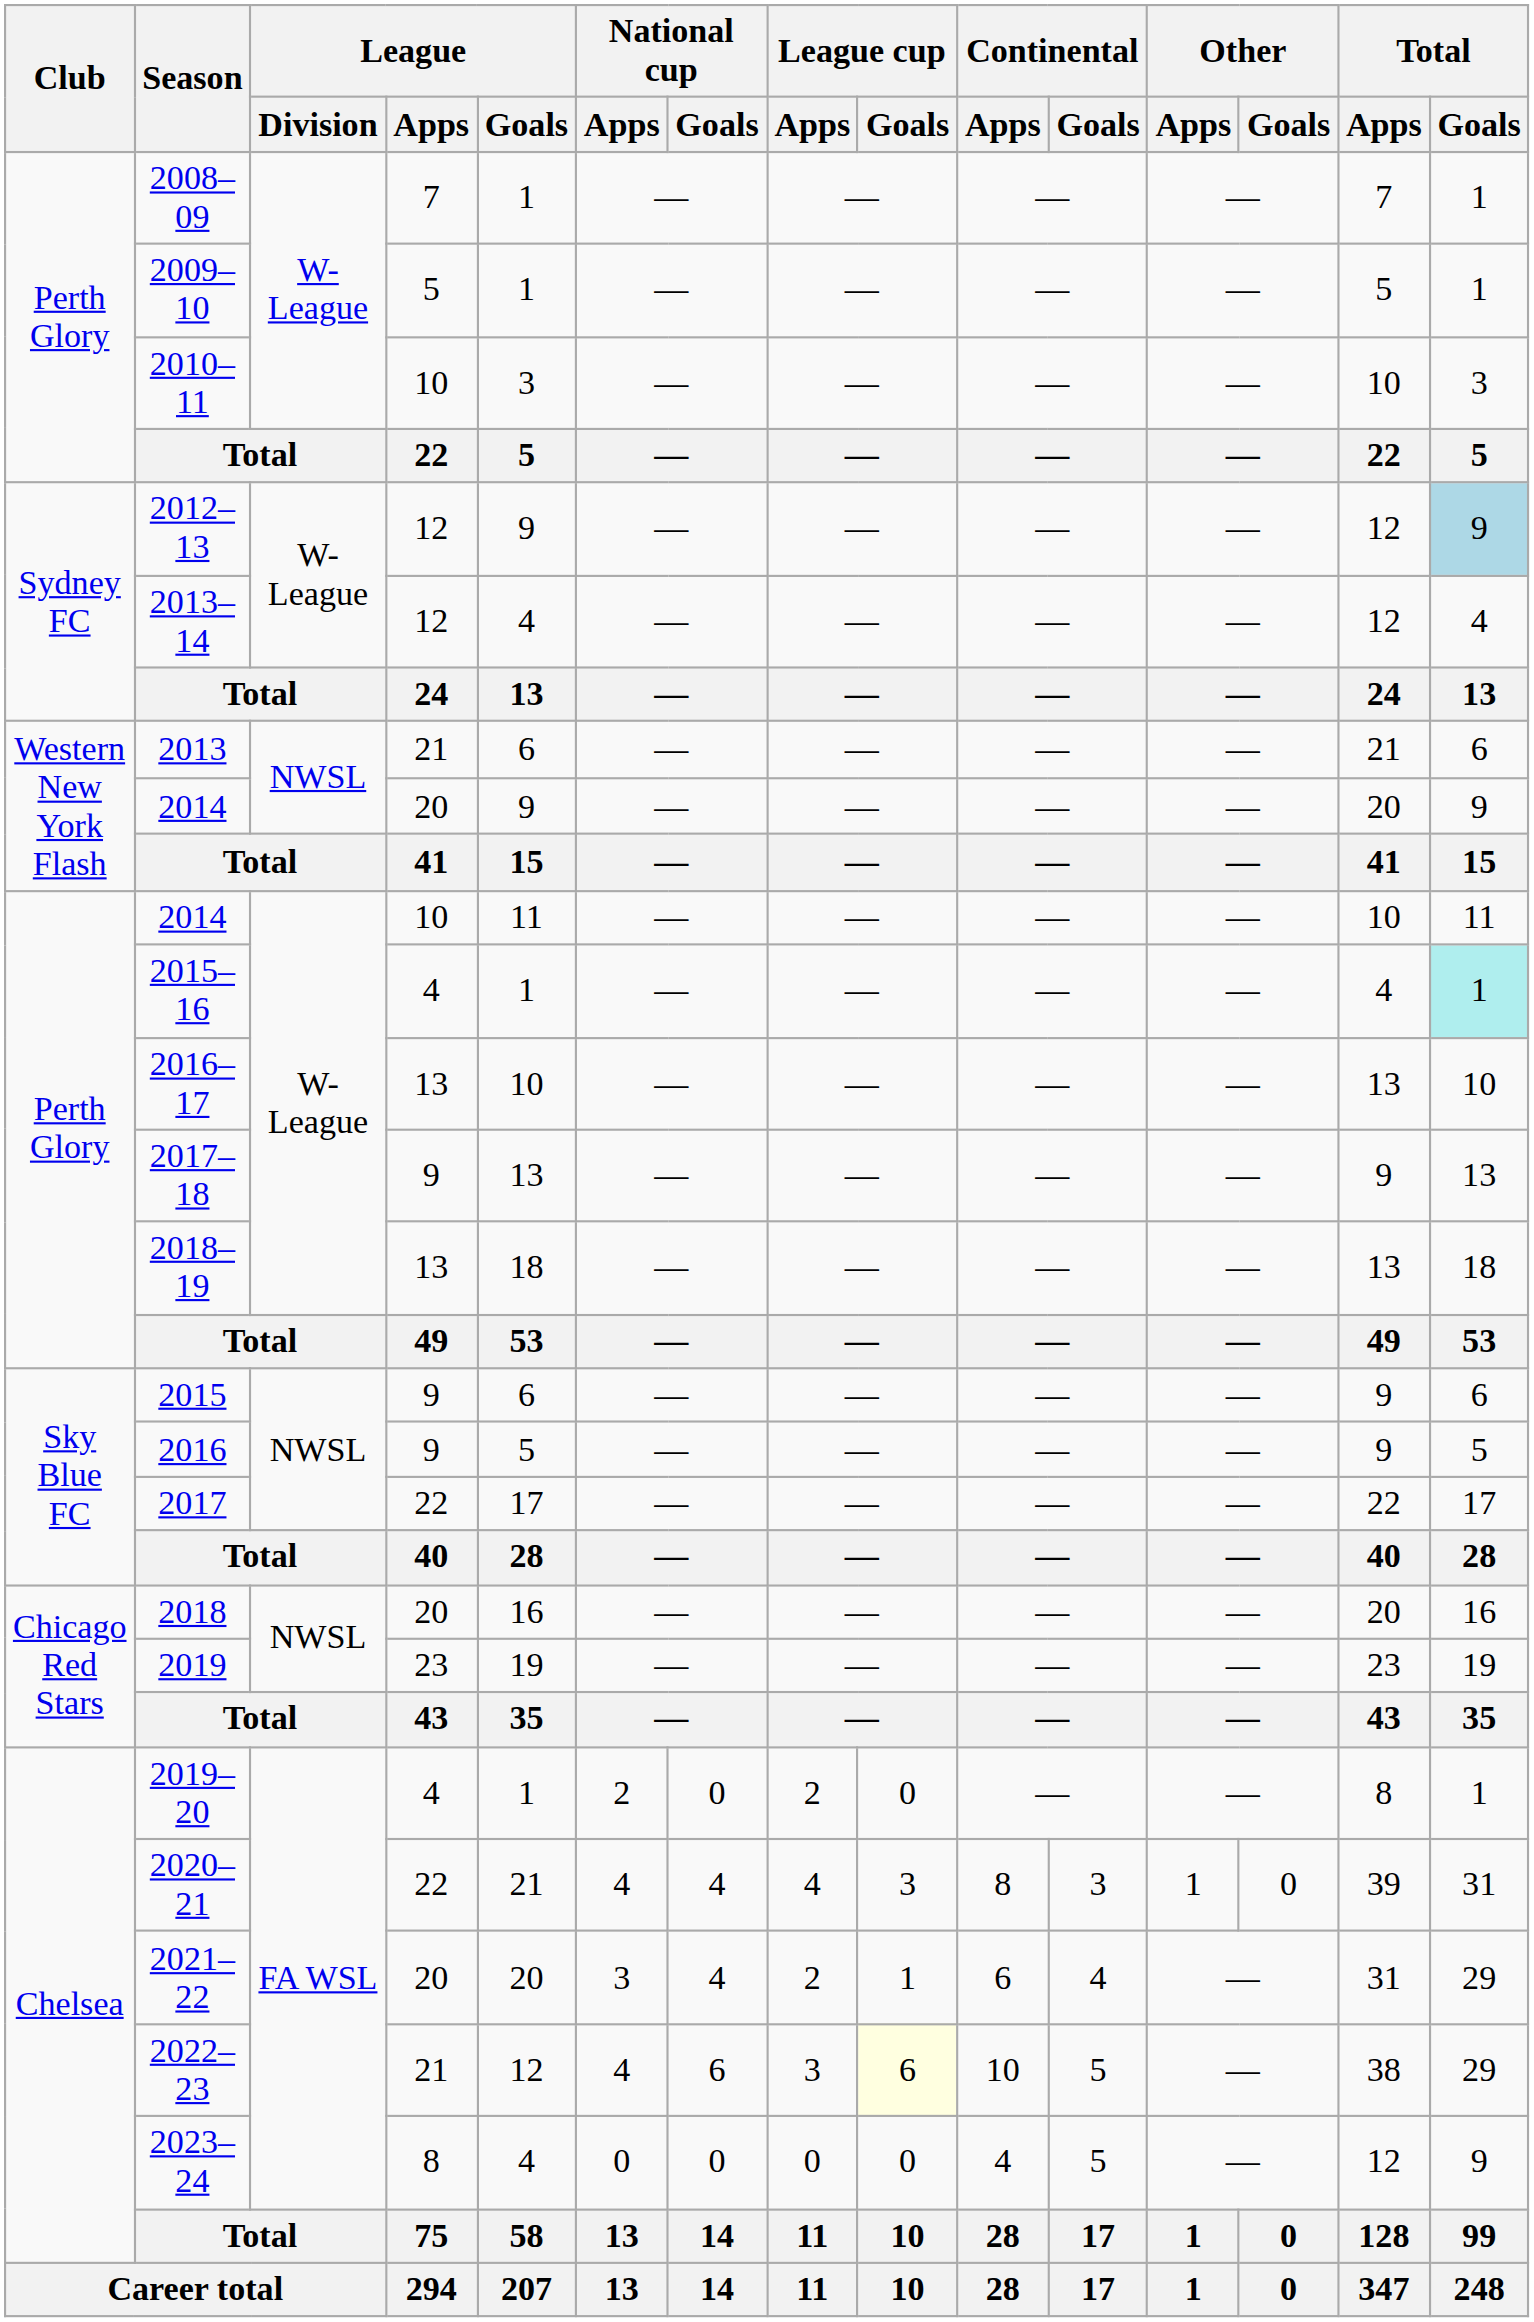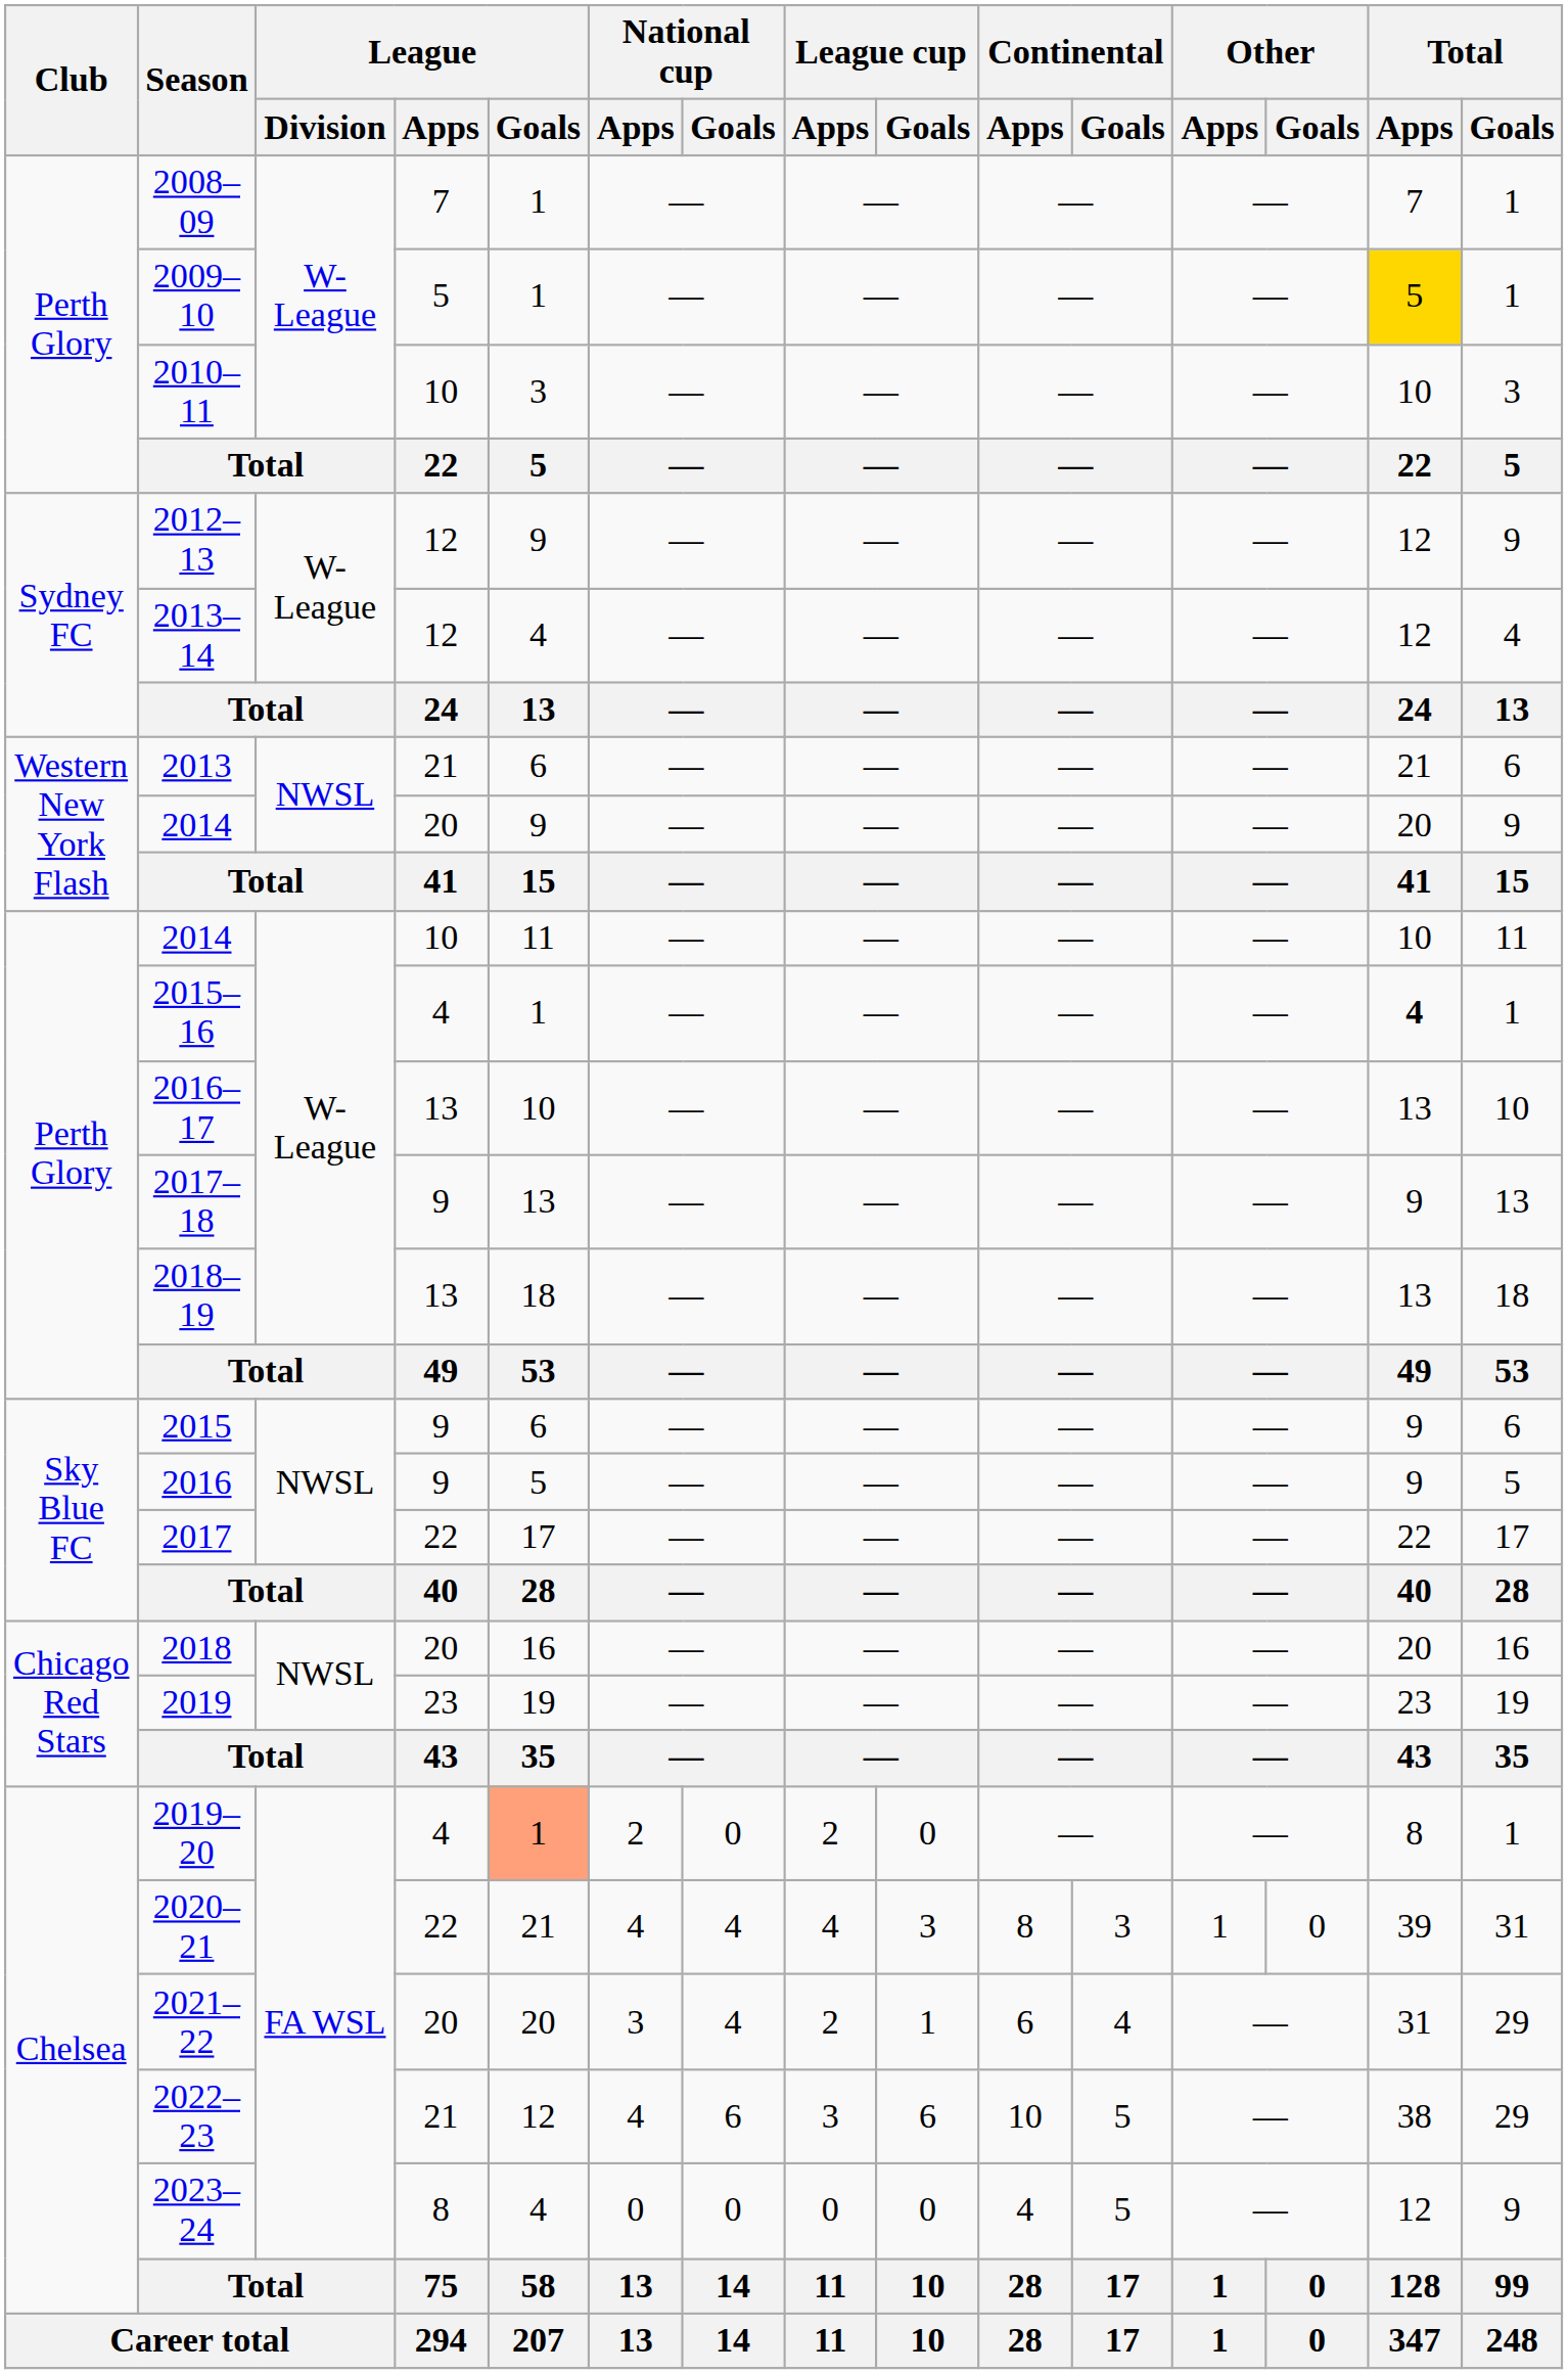 <table class="wikitable" style="text-align:center">
 <tr>
 <th rowspan="2">Club</th>
 <th rowspan="2">Season</th>
 <th colspan="3">League</th>
 <th colspan="2">National cup</th>
 <th colspan="2">League cup</th>
 <th colspan="2">Continental</th>
 <th colspan="2">Other</th>
 <th colspan="2">Total</th>
 </tr>
 <tr>
 <th>Division</th>
 <th>Apps</th>
 <th>Goals</th>
 <th>Apps</th>
 <th>Goals</th>
 <th>Apps</th>
 <th>Goals</th>
 <th>Apps</th>
 <th>Goals</th>
 <th>Apps</th>
 <th>Goals</th>
 <th>Apps</th>
 <th>Goals</th>
 </tr>
 <tr>
 <td rowspan="4"><a href='#'>Perth Glory</a></td>
 <td><a href='#'>2008–09</a></td>
 <td rowspan="3"><a href='#'>W-League</a></td>
 <td>7</td>
 <td>1</td>
 <td colspan="2">—</td>
 <td colspan="2">—</td>
 <td colspan="2">—</td>
 <td colspan="2">—</td>
 <td>7</td>
 <td>1</td>
 </tr>
 <tr>
 <td><a href='#'>2009–10</a></td>
 <td>5</td>
 <td>1</td>
 <td colspan="2">—</td>
 <td colspan="2">—</td>
 <td colspan="2">—</td>
 <td colspan="2">—</td>
-<td>5</td>
+<td style="background: gold;">5</td>
 <td>1</td>
 </tr>
 <tr>
 <td><a href='#'>2010–11</a></td>
 <td>10</td>
 <td>3</td>
 <td colspan="2">—</td>
 <td colspan="2">—</td>
 <td colspan="2">—</td>
 <td colspan="2">—</td>
 <td>10</td>
 <td>3</td>
 </tr>
 <tr>
 <th colspan="2">Total</th>
 <th>22</th>
 <th>5</th>
 <th colspan="2">—</th>
 <th colspan="2">—</th>
 <th colspan="2">—</th>
 <th colspan="2">—</th>
 <th>22</th>
 <th>5</th>
 </tr>
 <tr>
 <td rowspan="3"><a href='#'>Sydney FC</a></td>
 <td><a href='#'>2012–13</a></td>
 <td rowspan="2">W-League</td>
 <td>12</td>
 <td>9</td>
 <td colspan="2">—</td>
 <td colspan="2">—</td>
 <td colspan="2">—</td>
 <td colspan="2">—</td>
 <td>12</td>
-<td style="background: lightblue;">9</td>
+<td>9</td>
 </tr>
 <tr>
 <td><a href='#'>2013–14</a></td>
 <td>12</td>
 <td>4</td>
 <td colspan="2">—</td>
 <td colspan="2">—</td>
 <td colspan="2">—</td>
 <td colspan="2">—</td>
 <td>12</td>
 <td>4</td>
 </tr>
 <tr>
 <th colspan="2">Total</th>
 <th>24</th>
 <th>13</th>
 <th colspan="2">—</th>
 <th colspan="2">—</th>
 <th colspan="2">—</th>
 <th colspan="2">—</th>
 <th>24</th>
 <th>13</th>
 </tr>
 <tr>
 <td rowspan="3"><a href='#'>Western New York Flash</a></td>
 <td><a href='#'>2013</a></td>
 <td rowspan="2"><a href='#'>NWSL</a></td>
 <td>21</td>
 <td>6</td>
 <td colspan="2">—</td>
 <td colspan="2">—</td>
 <td colspan="2">—</td>
 <td colspan="2">—</td>
 <td>21</td>
 <td>6</td>
 </tr>
 <tr>
 <td><a href='#'>2014</a></td>
 <td>20</td>
 <td>9</td>
 <td colspan="2">—</td>
 <td colspan="2">—</td>
 <td colspan="2">—</td>
 <td colspan="2">—</td>
 <td>20</td>
 <td>9</td>
 </tr>
 <tr>
 <th colspan="2">Total</th>
 <th>41</th>
 <th>15</th>
 <th colspan="2">—</th>
 <th colspan="2">—</th>
 <th colspan="2">—</th>
 <th colspan="2">—</th>
 <th>41</th>
 <th>15</th>
 </tr>
 <tr>
 <td rowspan="6"><a href='#'>Perth Glory</a></td>
 <td><a href='#'>2014</a></td>
 <td rowspan="5">W-League</td>
 <td>10</td>
 <td>11</td>
 <td colspan="2">—</td>
 <td colspan="2">—</td>
 <td colspan="2">—</td>
 <td colspan="2">—</td>
 <td>10</td>
 <td>11</td>
 </tr>
 <tr>
 <td><a href='#'>2015–16</a></td>
 <td>4</td>
 <td>1</td>
 <td colspan="2">—</td>
 <td colspan="2">—</td>
 <td colspan="2">—</td>
 <td colspan="2">—</td>
-<td>4</td>
-<td style="background: paleturquoise;">1</td>
+<td><strong>4</strong></td>
+<td>1</td>
 </tr>
 <tr>
 <td><a href='#'>2016–17</a></td>
 <td>13</td>
 <td>10</td>
 <td colspan="2">—</td>
 <td colspan="2">—</td>
 <td colspan="2">—</td>
 <td colspan="2">—</td>
 <td>13</td>
 <td>10</td>
 </tr>
 <tr>
 <td><a href='#'>2017–18</a></td>
 <td>9</td>
 <td>13</td>
 <td colspan="2">—</td>
 <td colspan="2">—</td>
 <td colspan="2">—</td>
 <td colspan="2">—</td>
 <td>9</td>
 <td>13</td>
 </tr>
 <tr>
 <td><a href='#'>2018–19</a></td>
 <td>13</td>
 <td>18</td>
 <td colspan="2">—</td>
 <td colspan="2">—</td>
 <td colspan="2">—</td>
 <td colspan="2">—</td>
 <td>13</td>
 <td>18</td>
 </tr>
 <tr>
 <th colspan="2">Total</th>
 <th>49</th>
 <th>53</th>
 <th colspan="2">—</th>
 <th colspan="2">—</th>
 <th colspan="2">—</th>
 <th colspan="2">—</th>
 <th>49</th>
 <th>53</th>
 </tr>
 <tr>
 <td rowspan="4"><a href='#'>Sky Blue FC</a></td>
 <td><a href='#'>2015</a></td>
 <td rowspan="3">NWSL</td>
 <td>9</td>
 <td>6</td>
 <td colspan="2">—</td>
 <td colspan="2">—</td>
 <td colspan="2">—</td>
 <td colspan="2">—</td>
 <td>9</td>
 <td>6</td>
 </tr>
 <tr>
 <td><a href='#'>2016</a></td>
 <td>9</td>
 <td>5</td>
 <td colspan="2">—</td>
 <td colspan="2">—</td>
 <td colspan="2">—</td>
 <td colspan="2">—</td>
 <td>9</td>
 <td>5</td>
 </tr>
 <tr>
 <td><a href='#'>2017</a></td>
 <td>22</td>
 <td>17</td>
 <td colspan="2">—</td>
 <td colspan="2">—</td>
 <td colspan="2">—</td>
 <td colspan="2">—</td>
 <td>22</td>
 <td>17</td>
 </tr>
 <tr>
 <th colspan="2">Total</th>
 <th>40</th>
 <th>28</th>
 <th colspan="2">—</th>
 <th colspan="2">—</th>
 <th colspan="2">—</th>
 <th colspan="2">—</th>
 <th>40</th>
 <th>28</th>
 </tr>
 <tr>
 <td rowspan="3"><a href='#'>Chicago Red Stars</a></td>
 <td><a href='#'>2018</a></td>
 <td rowspan="2">NWSL</td>
 <td>20</td>
 <td>16</td>
 <td colspan="2">—</td>
 <td colspan="2">—</td>
 <td colspan="2">—</td>
 <td colspan="2">—</td>
 <td>20</td>
 <td>16</td>
 </tr>
 <tr>
 <td><a href='#'>2019</a></td>
 <td>23</td>
 <td>19</td>
 <td colspan="2">—</td>
 <td colspan="2">—</td>
 <td colspan="2">—</td>
 <td colspan="2">—</td>
 <td>23</td>
 <td>19</td>
 </tr>
 <tr>
 <th colspan="2">Total</th>
 <th>43</th>
 <th>35</th>
 <th colspan="2">—</th>
 <th colspan="2">—</th>
 <th colspan="2">—</th>
 <th colspan="2">—</th>
 <th>43</th>
 <th>35</th>
 </tr>
 <tr>
 <td rowspan="6"><a href='#'>Chelsea</a></td>
 <td><a href='#'>2019–20</a></td>
 <td rowspan="5"><a href='#'>FA WSL</a></td>
 <td>4</td>
-<td>1</td>
+<td style="background: lightsalmon;">1</td>
 <td>2</td>
 <td>0</td>
 <td>2</td>
 <td>0</td>
 <td colspan="2">—</td>
 <td colspan="2">—</td>
 <td>8</td>
 <td>1</td>
 </tr>
 <tr>
 <td><a href='#'>2020–21</a></td>
 <td>22</td>
 <td>21</td>
 <td>4</td>
 <td>4</td>
 <td>4</td>
 <td>3</td>
 <td>8</td>
 <td>3</td>
 <td>1</td>
 <td>0</td>
 <td>39</td>
 <td>31</td>
 </tr>
 <tr>
 <td><a href='#'>2021–22</a></td>
 <td>20</td>
 <td>20</td>
 <td>3</td>
 <td>4</td>
 <td>2</td>
 <td>1</td>
 <td>6</td>
 <td>4</td>
 <td colspan="2">—</td>
 <td>31</td>
 <td>29</td>
 </tr>
 <tr>
 <td><a href='#'>2022–23</a></td>
 <td>21</td>
 <td>12</td>
 <td>4</td>
 <td>6</td>
 <td>3</td>
-<td style="background: lightyellow;">6</td>
+<td>6</td>
 <td>10</td>
 <td>5</td>
 <td colspan="2">—</td>
 <td>38</td>
 <td>29</td>
 </tr>
 <tr>
 <td><a href='#'>2023–24</a></td>
 <td>8</td>
 <td>4</td>
 <td>0</td>
 <td>0</td>
 <td>0</td>
 <td>0</td>
 <td>4</td>
 <td>5</td>
 <td colspan="2">—</td>
 <td>12</td>
 <td>9</td>
 </tr>
 <tr>
 <th colspan="2">Total</th>
 <th>75</th>
 <th>58</th>
 <th>13</th>
 <th>14</th>
 <th>11</th>
 <th>10</th>
 <th>28</th>
 <th>17</th>
 <th>1</th>
 <th>0</th>
 <th>128</th>
 <th>99</th>
 </tr>
 <tr>
 <th colspan="3">Career total</th>
 <th>294</th>
 <th>207</th>
 <th>13</th>
 <th>14</th>
 <th>11</th>
 <th>10</th>
 <th>28</th>
 <th>17</th>
 <th>1</th>
 <th>0</th>
 <th>347</th>
 <th>248</th>
 </tr>
 </table>
